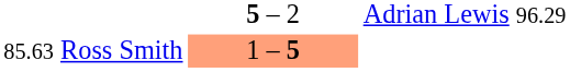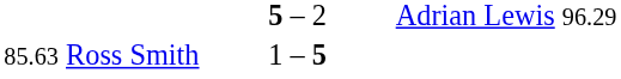 <table style="text-align:center">
 <tr>
 <th width=223></th>
 <th width=100></th>
 <th width=223></th>
 </tr>
 <tr>
 <td align=right></td>
 <td><strong>5</strong> – 2</td>
 <td align=left> <a href='#'>Adrian Lewis</a> <small>96.29</small></td>
 </tr>
 <tr>
 <td align=right><small>85.63</small>  <a href='#'>Ross Smith</a> </td>
-<td style="background: lightsalmon;">1 – <strong>5</strong></td>
+<td>1 – <strong>5</strong></td>
 <td align=left></td>
 </tr>
 </table>
